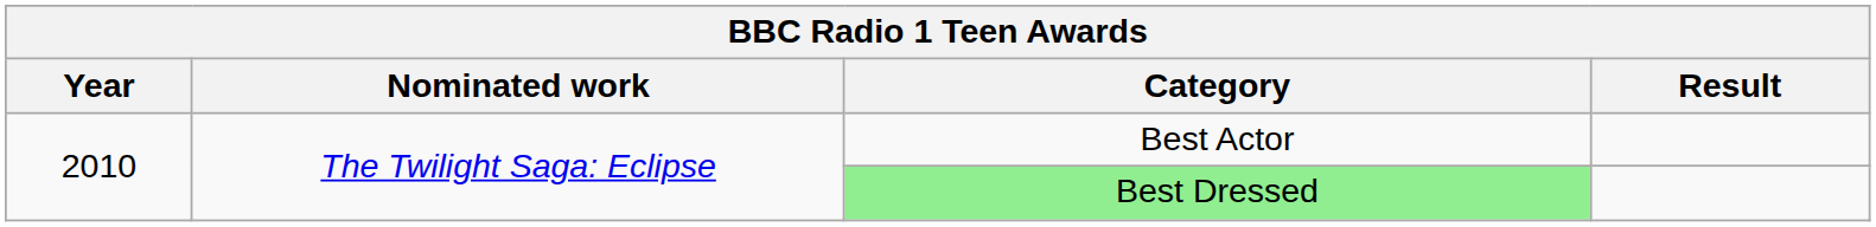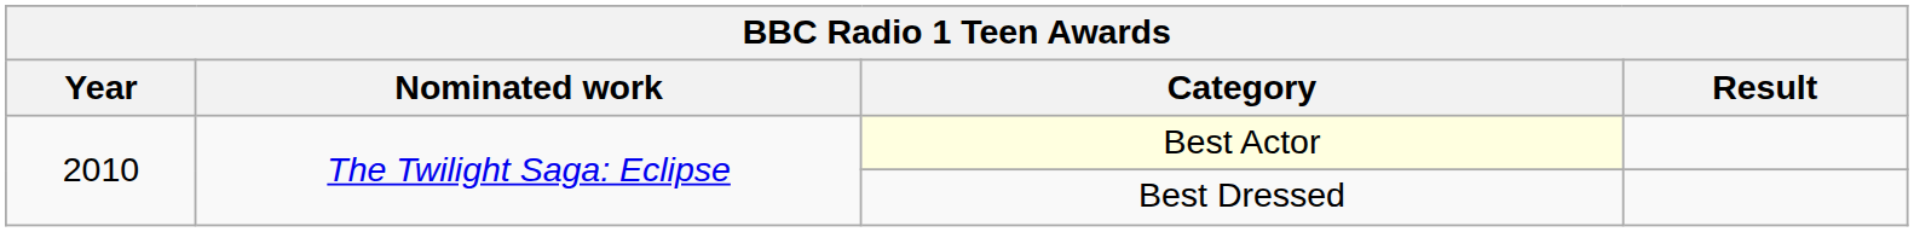 <table width="100%" class="wikitable">
 <tr>
 <th colspan="4" align="center"><strong>BBC Radio 1 Teen Awards</strong></th>
 </tr>
 <tr>
 <th width="10%">Year</th>
 <th width="35%">Nominated work</th>
 <th width="40%">Category</th>
 <th width="15%">Result</th>
 </tr>
 <tr>
 <td rowspan="2" style="text-align:center;">2010</td>
 <td rowspan="2" style="text-align:center;"><em><a href='#'>The Twilight Saga: Eclipse</a></em></td>
-<td style="text-align:center;">Best Actor</td>
+<td style="background: lightyellow; text-align:center;">Best Actor</td>
 <td></td>
 </tr>
 <tr>
-<td style="background: lightgreen; text-align:center;">Best Dressed</td>
+<td style="text-align:center;">Best Dressed</td>
 <td></td>
 </tr>
 </table>
